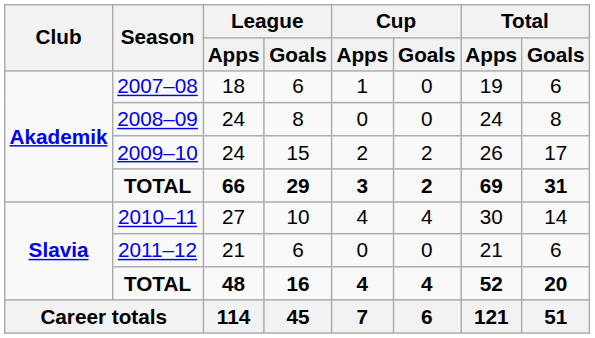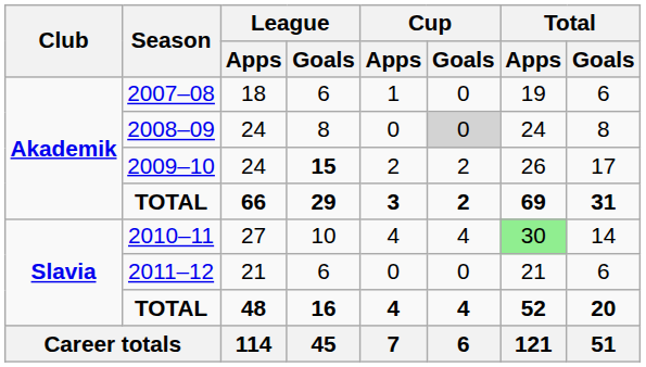 <table class="wikitable" style="font-size:90%; text-align: center;">
 <tr>
 <th rowspan="2">Club</th>
 <th rowspan="2">Season</th>
 <th colspan="2">League</th>
 <th colspan="2">Cup</th>
 <th colspan="2">Total</th>
 </tr>
 <tr>
 <th>Apps</th>
 <th>Goals</th>
 <th>Apps</th>
 <th>Goals</th>
 <th>Apps</th>
 <th>Goals</th>
 </tr>
 <tr>
 <td rowspan="4" valign="center"><strong><a href='#'>Akademik</a></strong></td>
 <td><a href='#'>2007–08</a></td>
 <td>18</td>
 <td>6</td>
 <td>1</td>
 <td>0</td>
 <td>19</td>
 <td>6</td>
 </tr>
 <tr>
 <td><a href='#'>2008–09</a></td>
 <td>24</td>
 <td>8</td>
 <td>0</td>
-<td>0</td>
+<td style="background: lightgrey;">0</td>
 <td>24</td>
 <td>8</td>
 </tr>
 <tr>
 <td><a href='#'>2009–10</a></td>
 <td>24</td>
-<td>15</td>
+<td><strong>15</strong></td>
 <td>2</td>
 <td>2</td>
 <td>26</td>
 <td>17</td>
 </tr>
 <tr>
 <td><strong>TOTAL</strong></td>
 <td><strong>66</strong></td>
 <td><strong>29</strong></td>
 <td><strong>3</strong></td>
 <td><strong>2</strong></td>
 <td><strong>69</strong></td>
 <td><strong>31</strong></td>
 </tr>
 <tr>
 <td rowspan="3" valign="center"><strong><a href='#'>Slavia</a></strong></td>
 <td><a href='#'>2010–11</a></td>
 <td>27</td>
 <td>10</td>
 <td>4</td>
 <td>4</td>
-<td>30</td>
+<td style="background: lightgreen;">30</td>
 <td>14</td>
 </tr>
 <tr>
 <td><a href='#'>2011–12</a></td>
 <td>21</td>
 <td>6</td>
 <td>0</td>
 <td>0</td>
 <td>21</td>
 <td>6</td>
 </tr>
 <tr>
 <td><strong>TOTAL</strong></td>
 <td><strong>48</strong></td>
 <td><strong>16</strong></td>
 <td><strong>4</strong></td>
 <td><strong>4</strong></td>
 <td><strong>52</strong></td>
 <td><strong>20</strong></td>
 </tr>
 <tr>
 <th colspan="2">Career totals</th>
 <th>114</th>
 <th>45</th>
 <th>7</th>
 <th>6</th>
 <th>121</th>
 <th>51</th>
 </tr>
 </table>
